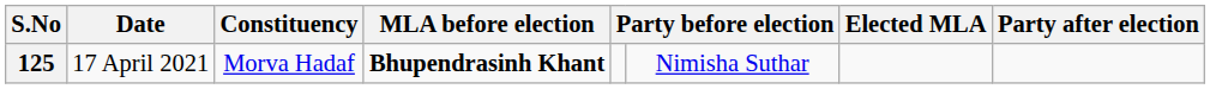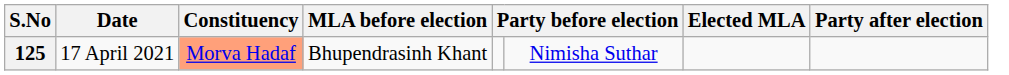 <table class="wikitable sortable" style="text-align:center;">
 <tr>
 <th>S.No</th>
 <th>Date</th>
 <th>Constituency</th>
 <th>MLA before election</th>
 <th colspan="2">Party before election</th>
 <th>Elected MLA</th>
 <th colspan="2">Party after election</th>
 </tr>
 <tr>
 <th>125</th>
 <td>17 April 2021</td>
-<td><a href='#'>Morva Hadaf</a></td>
-<td><strong>Bhupendrasinh Khant</strong></td>
+<td style="background: lightsalmon;"><a href='#'>Morva Hadaf</a></td>
+<td>Bhupendrasinh Khant</td>
 <td></td>
 <td><a href='#'>Nimisha Suthar</a></td>
 <td></td>
 </tr>
 </table>
